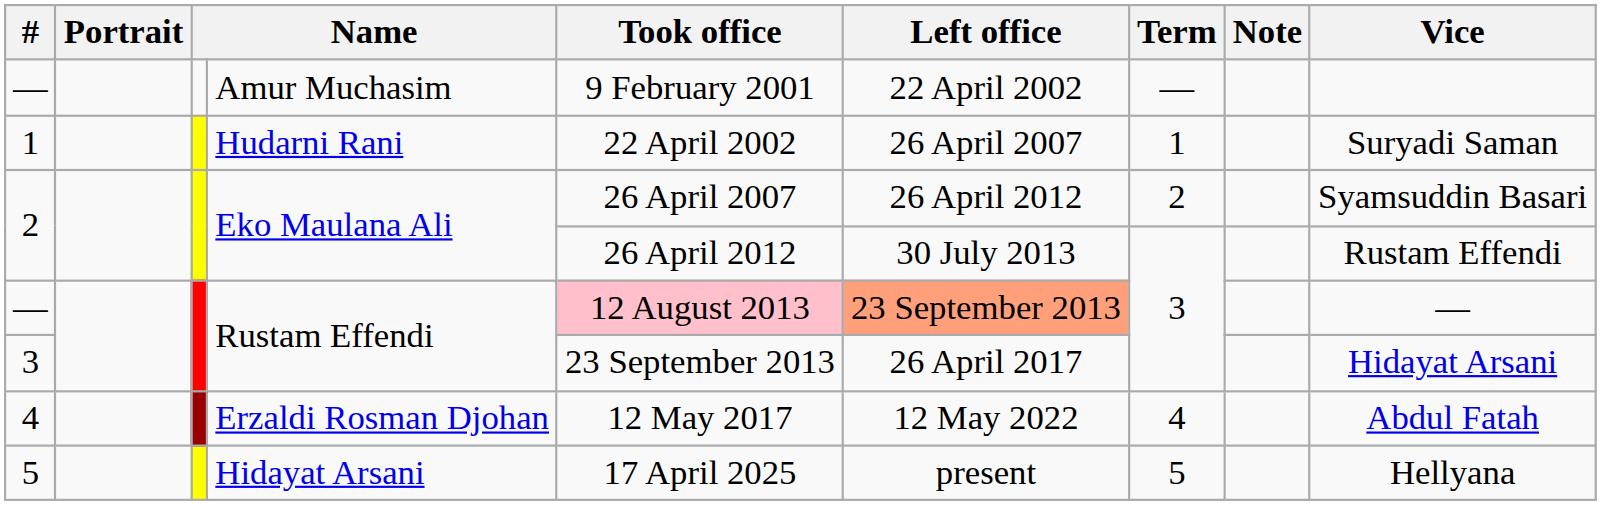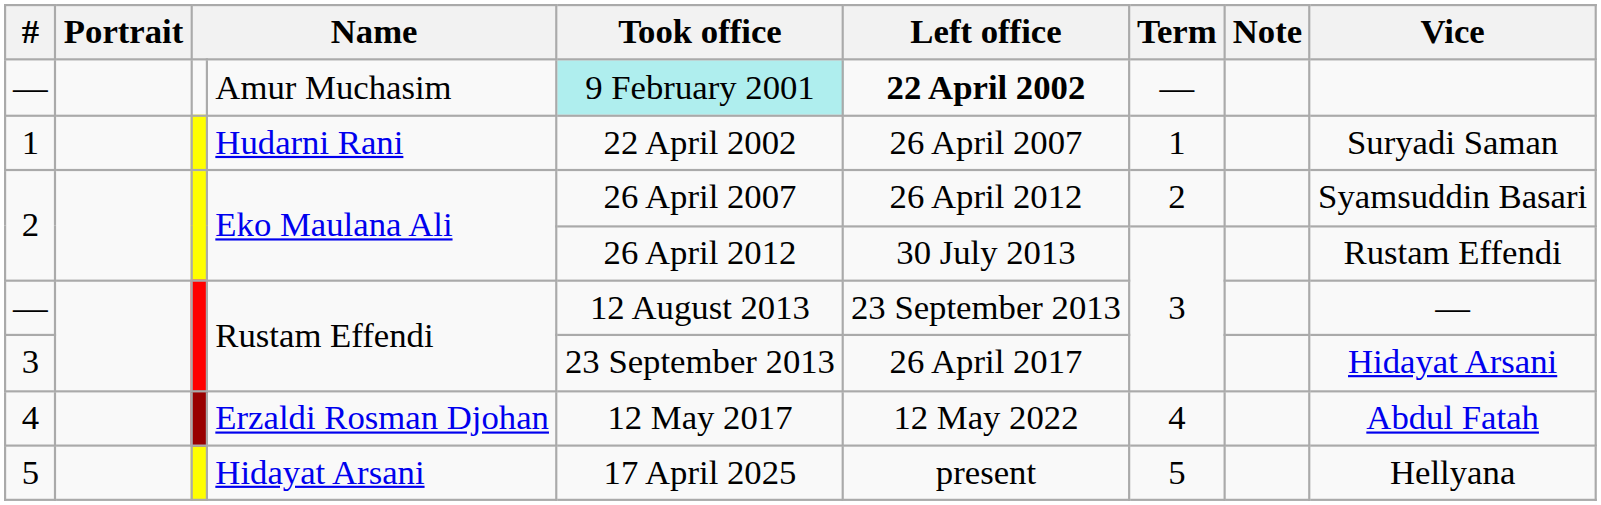 <table class="wikitable">
 <tr>
 <th>#</th>
 <th>Portrait</th>
 <th colspan=2>Name</th>
 <th>Took office</th>
 <th>Left office</th>
 <th>Term</th>
 <th>Note</th>
 <th>Vice</th>
 </tr>
 <tr>
 <td align="center">—</td>
 <td></td>
 <td></td>
 <td>Amur Muchasim</td>
-<td style="text-align:center;">9 February 2001</td>
-<td style="text-align:center;">22 April 2002</td>
+<td style="background: paleturquoise; text-align:center;">9 February 2001</td>
+<td style="text-align:center;"><strong>22 April 2002</strong></td>
 <td style="text-align:center;">—</td>
 <td style="text-align:center;"><br></td>
 <td></td>
 </tr>
 <tr>
 <td align="center">1</td>
 <td></td>
 <td bgcolor=#ffff00></td>
 <td><a href='#'>Hudarni Rani</a></td>
 <td style="text-align:center;">22 April 2002</td>
 <td style="text-align:center;">26 April 2007</td>
 <td style="text-align:center;">1</td>
 <td> </td>
 <td style="text-align:center;">Suryadi Saman</td>
 </tr>
 <tr>
 <td align="center" rowspan=2>2</td>
 <td rowspan=2></td>
 <td rowspan=2 bgcolor=#ffff00></td>
 <td rowspan=2><a href='#'>Eko Maulana Ali</a></td>
 <td style="text-align:center;">26 April 2007</td>
 <td style="text-align:center;">26 April 2012</td>
 <td style="text-align:center;">2</td>
 <td></td>
 <td style="text-align:center;">Syamsuddin Basari</td>
 </tr>
 <tr>
 <td style="text-align:center;">26 April 2012</td>
 <td style="text-align:center;">30 July 2013</td>
 <td rowspan="3" style="text-align:center;">3</td>
 <td></td>
 <td style="text-align:center;">Rustam Effendi</td>
 </tr>
 <tr>
 <td align="center">—</td>
 <td rowspan=2></td>
 <td rowspan=2 bgcolor=#ff0000></td>
 <td rowspan=2>Rustam Effendi</td>
-<td style="background: pink; text-align:center;">12 August 2013</td>
-<td style="background: lightsalmon; text-align:center;">23 September 2013</td>
+<td style="text-align:center;">12 August 2013</td>
+<td style="text-align:center;">23 September 2013</td>
 <td></td>
 <td style="text-align:center;">—</td>
 </tr>
 <tr>
 <td align="center">3</td>
 <td style="text-align:center;">23 September 2013</td>
 <td style="text-align:center;">26 April 2017</td>
 <td> </td>
 <td style="text-align:center;"><a href='#'>Hidayat Arsani</a></td>
 </tr>
 <tr>
 <td style="text-align:center;">4</td>
 <td></td>
 <td bgcolor=#990000></td>
 <td><a href='#'>Erzaldi Rosman Djohan</a></td>
 <td style="text-align:center;">12 May 2017</td>
 <td style="text-align:center;">12 May 2022</td>
 <td style="text-align:center;">4</td>
 <td></td>
 <td style="text-align:center;"><a href='#'>Abdul Fatah</a></td>
 </tr>
 <tr>
 <td style="text-align:center;">5</td>
 <td></td>
 <td bgcolor=#ffff00></td>
 <td><a href='#'>Hidayat Arsani</a></td>
 <td style="text-align:center;">17 April 2025</td>
 <td style="text-align:center;">present</td>
 <td style="text-align:center;">5</td>
 <td></td>
 <td style="text-align:center;">Hellyana</td>
 </tr>
 </table>
